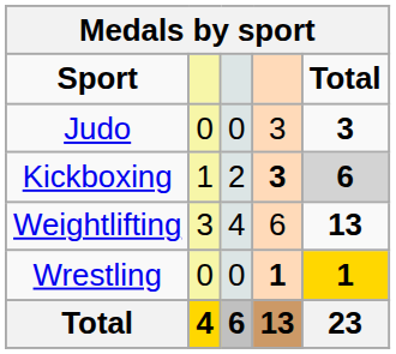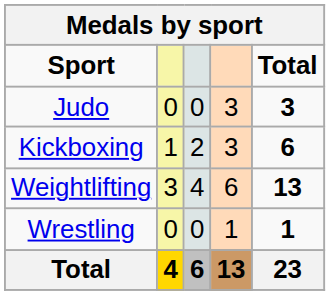 <table class="wikitable" style="font-size:85%">
 <tr style="background:#efefef;">
 <th colspan=7>Medals by sport</th>
 </tr>
 <tr align=center>
 <td><strong>Sport</strong></td>
 <td bgcolor=#f7f6a8></td>
 <td bgcolor=#dce5e5></td>
 <td bgcolor=#ffdab9></td>
 <td><strong>Total</strong></td>
 </tr>
 <tr align=center>
 <td><a href='#'>Judo</a></td>
 <td style="background:#F7F6A8;">0</td>
 <td style="background:#DCE5E5;">0</td>
 <td style="background:#FFDAB9;">3</td>
 <td><strong>3</strong></td>
 </tr>
 <tr align=center>
 <td><a href='#'>Kickboxing</a></td>
 <td style="background:#F7F6A8;">1</td>
 <td style="background:#DCE5E5;">2</td>
-<td style="background:#FFDAB9;"><strong>3</strong></td>
-<td style="background: lightgrey;"><strong>6</strong></td>
+<td style="background:#FFDAB9;">3</td>
+<td><strong>6</strong></td>
 </tr>
 <tr align=center>
 <td><a href='#'>Weightlifting</a></td>
 <td style="background:#F7F6A8;">3</td>
 <td style="background:#DCE5E5;">4</td>
 <td style="background:#FFDAB9;">6</td>
 <td><strong>13</strong></td>
 </tr>
 <tr align=center>
 <td><a href='#'>Wrestling</a></td>
 <td style="background:#F7F6A8;">0</td>
 <td style="background:#DCE5E5;">0</td>
-<td style="background:#FFDAB9;"><strong>1</strong></td>
-<td style="background: gold;"><strong>1</strong></td>
+<td style="background:#FFDAB9;">1</td>
+<td><strong>1</strong></td>
 </tr>
 <tr align=center>
 <th>Total</th>
 <th style="background:gold;">4</th>
 <th style="background:silver;">6</th>
 <th style="background:#c96;">13</th>
 <th>23</th>
 </tr>
 </table>
